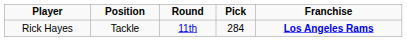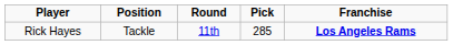 <table class="wikitable" width="50%">
 <tr align="center">
 <td><strong>Player</strong></td>
 <td><strong>Position</strong></td>
 <td><strong>Round</strong></td>
 <td><strong>Pick</strong></td>
 <td><strong>Franchise</strong></td>
 </tr>
 <tr align="center" bgcolor="">
 <td>Rick Hayes</td>
 <td>Tackle</td>
 <td><a href='#'>11th</a></td>
-<td>284</td>
+<td>285</td>
 <td><strong><a href='#'>Los Angeles Rams</a></strong></td>
 </tr>
 </table>
